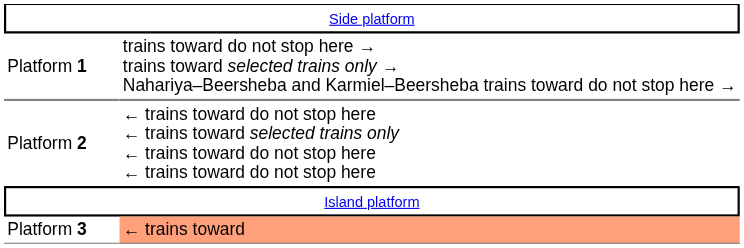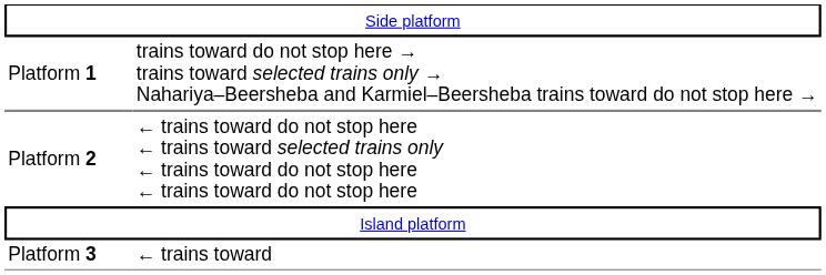 <table table border=0 cellspacing=0 cellpadding=3>
 <tr>
 <td style="border-top:solid 1-x black;border-top:solid 1px black;border-right:solid 2px black;border-left:solid 2px black;border-bottom:solid 2px black;text-align:center;" colspan=2><small><a href='#'>Side platform</a></small></td>
 </tr>
 <tr>
 <td style="border-bottom:solid 1px gray;" width=100>Platform <strong>1</strong></td>
 <td style="border-bottom:solid 1px gray;">  trains toward  do not stop here →<br>  trains toward   <em>selected trains only</em> →<br>   Nahariya–Beersheba and Karmiel–Beersheba trains toward  do not stop here →</td>
 </tr>
 <tr>
 <td style="border-top:solid 1px gray;">Platform <strong>2</strong></td>
 <td style="border-top:solid 1px gray;">←   trains toward  do not stop here<br>←  trains toward   <em>selected trains only</em><br>←  trains toward  do not stop here<br>←  trains toward  do not stop here</td>
 </tr>
 <tr>
 <td style="border-top:solid 2px black;border-right:solid 2px black;border-left:solid 2px black;border-bottom:solid 2px black;text-align:center;" colspan=2><small><a href='#'>Island platform</a></small></td>
 </tr>
 <tr>
 <td style="border-bottom:solid 1px gray;">Platform <strong>3</strong></td>
-<td style="background: lightsalmon; border-bottom:solid 1px gray;">←  trains toward  </td>
+<td style="border-bottom:solid 1px gray;">←  trains toward  </td>
 </tr>
 </table>
